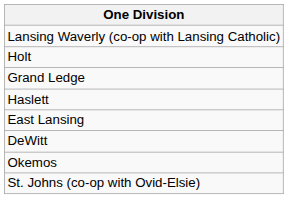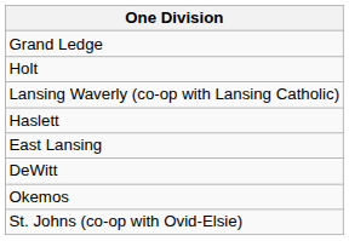 <table class="wikitable">
 <tr>
 <th>One Division</th>
 </tr>
 <tr>
-<td>Lansing Waverly (co-op with Lansing Catholic)</td>
+<td>Grand Ledge</td>
 </tr>
 <tr>
 <td>Holt</td>
 </tr>
 <tr>
-<td>Grand Ledge</td>
+<td>Lansing Waverly (co-op with Lansing Catholic)</td>
 </tr>
 <tr>
 <td>Haslett</td>
 </tr>
 <tr>
 <td>East Lansing</td>
 </tr>
 <tr>
 <td>DeWitt</td>
 </tr>
 <tr>
 <td>Okemos</td>
 </tr>
 <tr>
 <td>St. Johns (co-op with Ovid-Elsie)</td>
 </tr>
 </table>
